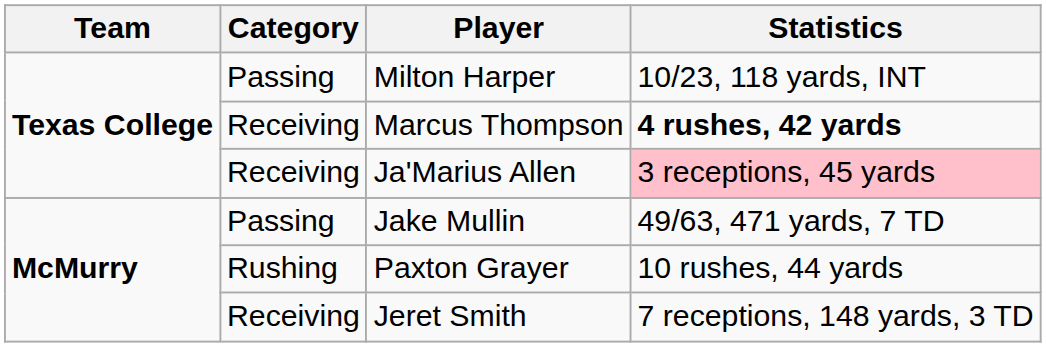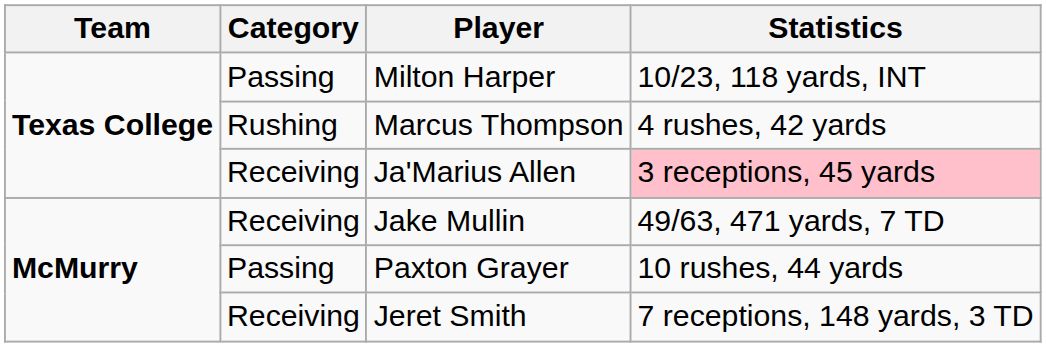 <table class="wikitable" style="float: left;">
 <tr>
 <th>Team</th>
 <th>Category</th>
 <th>Player</th>
 <th>Statistics</th>
 </tr>
 <tr>
 <td rowspan=3><strong>Texas College</strong></td>
 <td>Passing</td>
 <td>Milton Harper</td>
 <td>10/23, 118 yards, INT</td>
 </tr>
 <tr>
-<td>Receiving</td>
+<td>Rushing</td>
 <td>Marcus Thompson</td>
-<td><strong>4 rushes, 42 yards</strong></td>
+<td>4 rushes, 42 yards</td>
 </tr>
 <tr>
 <td>Receiving</td>
 <td>Ja'Marius Allen</td>
 <td style="background: pink;">3 receptions, 45 yards</td>
 </tr>
 <tr>
 <td rowspan=3><strong>McMurry</strong></td>
-<td>Passing</td>
+<td>Receiving</td>
 <td>Jake Mullin</td>
 <td>49/63, 471 yards, 7 TD</td>
 </tr>
 <tr>
-<td>Rushing</td>
+<td>Passing</td>
 <td>Paxton Grayer</td>
 <td>10 rushes, 44 yards</td>
 </tr>
 <tr>
 <td>Receiving</td>
 <td>Jeret Smith</td>
 <td>7 receptions, 148 yards, 3 TD</td>
 </tr>
 </table>
